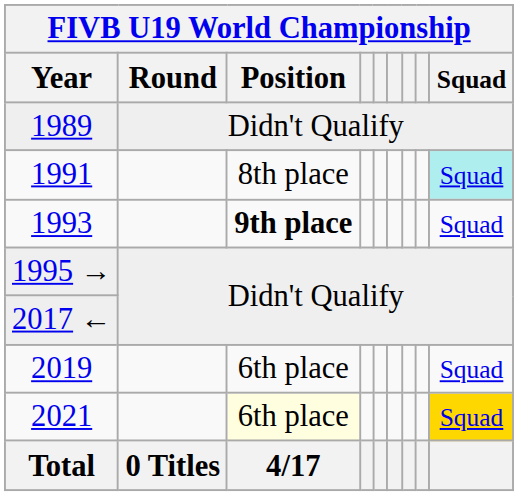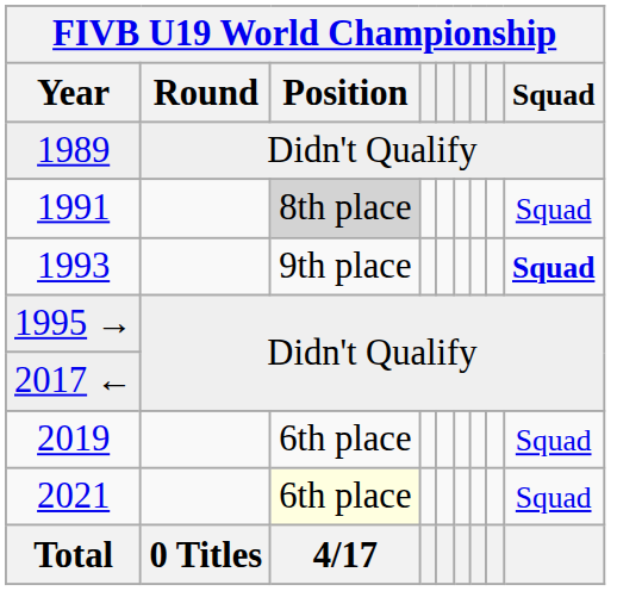 <table class="wikitable" style="text-align: center;">
 <tr>
 <th colspan=9><a href='#'>FIVB U19 World Championship</a></th>
 </tr>
 <tr>
 <th>Year</th>
 <th>Round</th>
 <th>Position</th>
 <th></th>
 <th></th>
 <th></th>
 <th></th>
 <th></th>
 <th><small>Squad</small></th>
 </tr>
 <tr bgcolor="efefef">
 <td> <a href='#'>1989</a></td>
 <td colspan="8">Didn't Qualify</td>
 </tr>
 <tr>
 <td> <a href='#'>1991</a></td>
 <td></td>
-<td>8th place</td>
-<td></td>
-<td></td>
-<td></td>
-<td></td>
-<td></td>
-<td style="background: paleturquoise;"><small><a href='#'>Squad</a></small></td>
-</tr>
-<tr>
-<td> <a href='#'>1993</a></td>
-<td></td>
-<td><strong>9th place</strong></td>
+<td style="background: lightgrey;">8th place</td>
 <td></td>
 <td></td>
 <td></td>
 <td></td>
 <td></td>
 <td><small><a href='#'>Squad</a></small></td>
+</tr>
+<tr>
+<td> <a href='#'>1993</a></td>
+<td></td>
+<td>9th place</td>
+<td></td>
+<td></td>
+<td></td>
+<td></td>
+<td></td>
+<td><strong><small><a href='#'>Squad</a></small></strong></td>
 </tr>
 <tr bgcolor="efefef">
 <td> <a href='#'>1995</a> →</td>
 <td colspan="8" rowspan="2">Didn't Qualify</td>
 </tr>
 <tr bgcolor="efefef">
 <td> <a href='#'>2017</a> ←</td>
 </tr>
 <tr>
 <td> <a href='#'>2019</a></td>
 <td></td>
 <td>6th place</td>
 <td></td>
 <td></td>
 <td></td>
 <td></td>
 <td></td>
 <td><small><a href='#'>Squad</a></small></td>
 </tr>
 <tr>
 <td> <a href='#'>2021</a></td>
 <td></td>
 <td style="background: lightyellow;">6th place</td>
 <td></td>
 <td></td>
 <td></td>
 <td></td>
 <td></td>
-<td style="background: gold;"><small><a href='#'>Squad</a></small></td>
+<td><small><a href='#'>Squad</a></small></td>
 </tr>
 <tr>
 <th>Total</th>
 <th>0 Titles</th>
 <th>4/17</th>
 <th></th>
 <th></th>
 <th></th>
 <th></th>
 <th></th>
 <th></th>
 </tr>
 </table>
